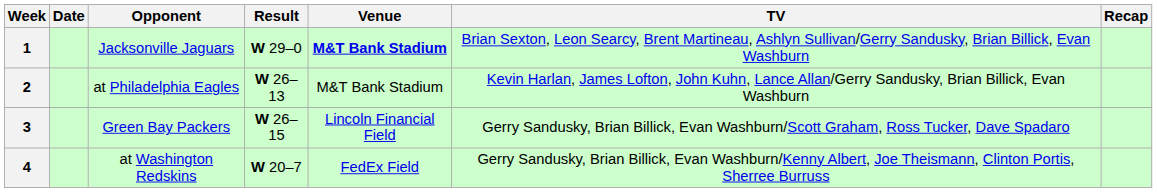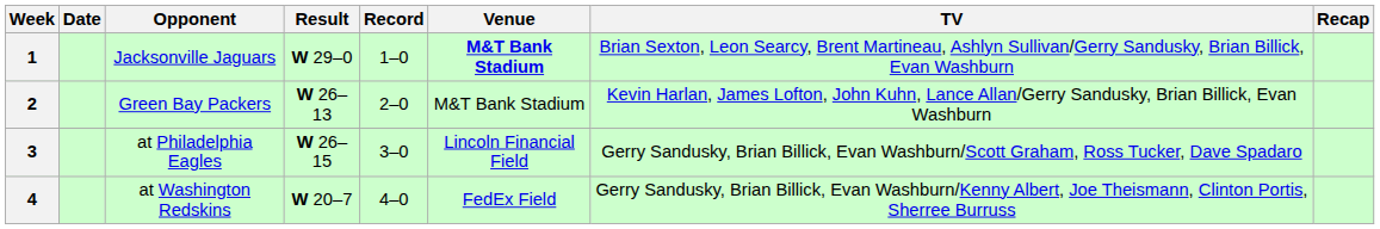 <table class="wikitable" style="text-align:center">
 <tr>
 <th>Week</th>
 <th>Date</th>
 <th>Opponent</th>
 <th>Result</th>
+<th>Record</th>
 <th>Venue</th>
 <th>TV</th>
 <th>Recap</th>
 </tr>
 <tr style="background:#cfc">
 <th>1</th>
 <td></td>
 <td><a href='#'>Jacksonville Jaguars</a></td>
 <td><strong>W</strong> 29–0</td>
+<td>1–0</td>
 <td><strong><a href='#'>M&T Bank Stadium</a></strong></td>
 <td><a href='#'>Brian Sexton</a>, <a href='#'>Leon Searcy</a>, <a href='#'>Brent Martineau</a>, <a href='#'>Ashlyn Sullivan</a>/<a href='#'>Gerry Sandusky</a>, <a href='#'>Brian Billick</a>, <a href='#'>Evan Washburn</a></td>
 <td></td>
 </tr>
 <tr style="background:#cfc">
 <th>2</th>
 <td></td>
-<td>at <a href='#'>Philadelphia Eagles</a></td>
+<td><a href='#'>Green Bay Packers</a></td>
 <td><strong>W</strong> 26–13</td>
+<td>2–0</td>
 <td>M&T Bank Stadium</td>
 <td><a href='#'>Kevin Harlan</a>, <a href='#'>James Lofton</a>, <a href='#'>John Kuhn</a>, <a href='#'>Lance Allan</a>/Gerry Sandusky, Brian Billick, Evan Washburn</td>
 <td></td>
 </tr>
 <tr style="background:#cfc">
 <th>3</th>
 <td></td>
-<td><a href='#'>Green Bay Packers</a></td>
+<td>at <a href='#'>Philadelphia Eagles</a></td>
 <td><strong>W</strong> 26–15</td>
+<td>3–0</td>
 <td><a href='#'>Lincoln Financial Field</a></td>
 <td>Gerry Sandusky, Brian Billick, Evan Washburn/<a href='#'>Scott Graham</a>, <a href='#'>Ross Tucker</a>, <a href='#'>Dave Spadaro</a></td>
 <td></td>
 </tr>
 <tr style="background:#cfc">
 <th>4</th>
 <td></td>
 <td>at <a href='#'>Washington Redskins</a></td>
 <td><strong>W</strong> 20–7</td>
+<td>4–0</td>
 <td><a href='#'>FedEx Field</a></td>
 <td>Gerry Sandusky, Brian Billick, Evan Washburn/<a href='#'>Kenny Albert</a>, <a href='#'>Joe Theismann</a>, <a href='#'>Clinton Portis</a>, <a href='#'>Sherree Burruss</a></td>
 <td></td>
 </tr>
 </table>
